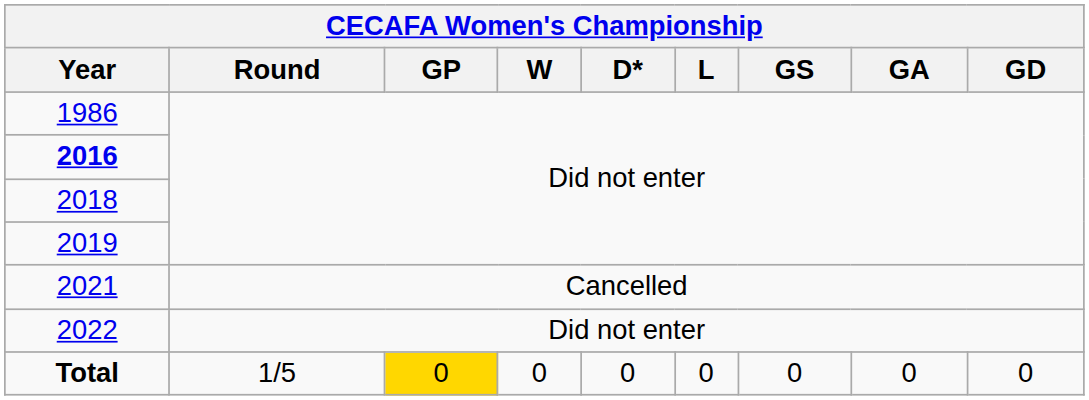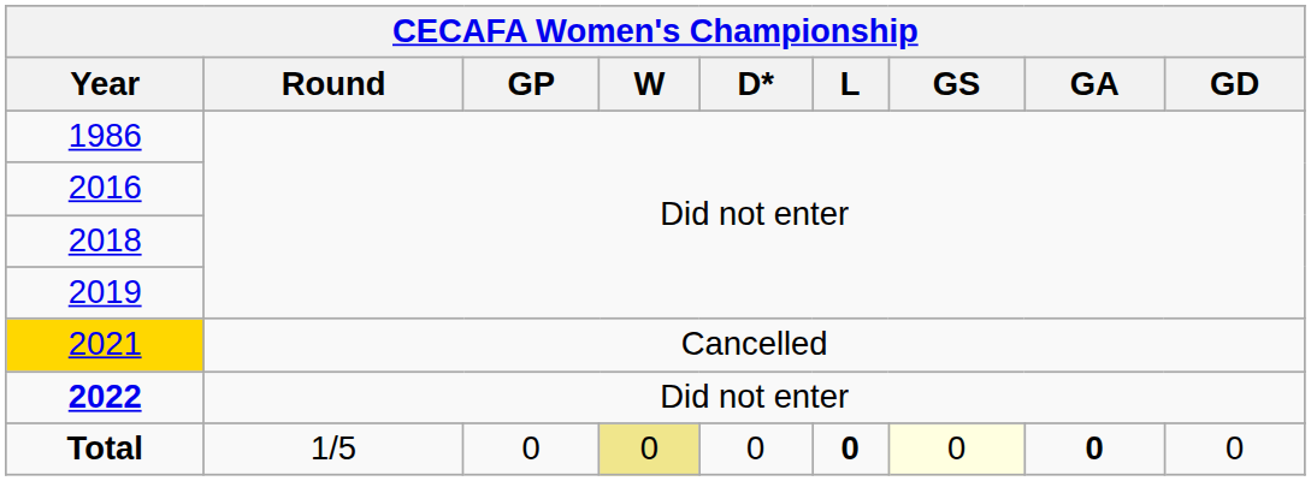 <table class="wikitable" style="text-align: center; width:50%;">
 <tr>
 <th colspan=10><a href='#'>CECAFA Women's Championship</a></th>
 </tr>
 <tr>
 <th>Year</th>
 <th>Round</th>
 <th>GP</th>
 <th>W</th>
 <th>D*</th>
 <th>L</th>
 <th>GS</th>
 <th>GA</th>
 <th>GD</th>
 </tr>
 <tr>
 <td> <a href='#'>1986</a></td>
 <td colspan=8 rowspan=4>Did not enter</td>
 </tr>
 <tr>
-<td><strong> <a href='#'>2016</a></strong></td>
+<td> <a href='#'>2016</a></td>
 </tr>
 <tr>
 <td> <a href='#'>2018</a></td>
 </tr>
 <tr>
 <td> <a href='#'>2019</a></td>
 </tr>
 <tr>
-<td> <a href='#'>2021</a></td>
+<td style="background: gold;"> <a href='#'>2021</a></td>
 <td colspan=8>Cancelled</td>
 </tr>
 <tr>
-<td> <a href='#'>2022</a></td>
+<td><strong> <a href='#'>2022</a></strong></td>
 <td colspan=8>Did not enter</td>
 </tr>
 <tr>
 <td><strong>Total</strong></td>
 <td>1/5</td>
-<td style="background: gold;">0</td>
 <td>0</td>
+<td style="background: khaki;">0</td>
 <td>0</td>
-<td>0</td>
-<td>0</td>
-<td>0</td>
+<td><strong>0</strong></td>
+<td style="background: lightyellow;">0</td>
+<td><strong>0</strong></td>
 <td>0</td>
 </tr>
 </table>
